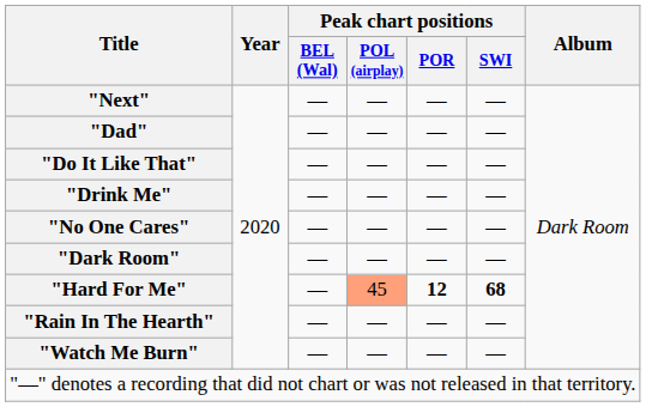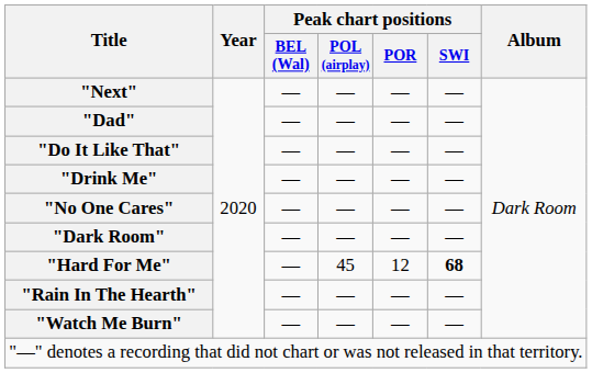 <table class="wikitable plainrowheaders" style="text-align:center;">
 <tr>
 <th rowspan="2">Title</th>
 <th rowspan="2">Year</th>
 <th colspan="4">Peak chart positions</th>
 <th rowspan="2">Album</th>
 </tr>
 <tr>
 <th style="width:3em;font-size:85%;"><a href='#'>BEL<br>(Wal)</a><br></th>
 <th style="width:3em;font-size:85%;"><a href='#'>POL<br><small>(airplay)</small></a><br></th>
 <th style="width:3em;font-size:85%;"><a href='#'>POR</a><br></th>
 <th style="width:3em;font-size:85%;"><a href='#'>SWI</a><br></th>
 </tr>
 <tr>
 <th scope="row">"Next"</th>
 <td rowspan="9">2020</td>
 <td>—</td>
 <td>—</td>
 <td>—</td>
 <td>—</td>
 <td rowspan="9"><em>Dark Room</em></td>
 </tr>
 <tr>
 <th scope="row">"Dad"</th>
 <td>—</td>
 <td>—</td>
 <td>—</td>
 <td>—</td>
 </tr>
 <tr>
 <th scope="row">"Do It Like That"</th>
 <td>—</td>
 <td>—</td>
 <td>—</td>
 <td>—</td>
 </tr>
 <tr>
 <th scope="row">"Drink Me"</th>
 <td>—</td>
 <td>—</td>
 <td>—</td>
 <td>—</td>
 </tr>
 <tr>
 <th scope="row">"No One Cares"</th>
 <td>—</td>
 <td>—</td>
 <td>—</td>
 <td>—</td>
 </tr>
 <tr>
 <th scope="row">"Dark Room"</th>
 <td>—</td>
 <td>—</td>
 <td>—</td>
 <td>—</td>
 </tr>
 <tr>
 <th scope="row">"Hard For Me"</th>
 <td>—</td>
-<td style="background: lightsalmon;">45</td>
-<td><strong>12</strong></td>
+<td>45</td>
+<td>12</td>
 <td><strong>68</strong></td>
 </tr>
 <tr>
 <th scope="row">"Rain In The Hearth"</th>
 <td>—</td>
 <td>—</td>
 <td>—</td>
 <td>—</td>
 </tr>
 <tr>
 <th scope="row">"Watch Me Burn"</th>
 <td>—</td>
 <td>—</td>
 <td>—</td>
 <td>—</td>
 </tr>
 <tr>
 <td colspan="7">"—" denotes a recording that did not chart or was not released in that territory.</td>
 </tr>
 </table>
